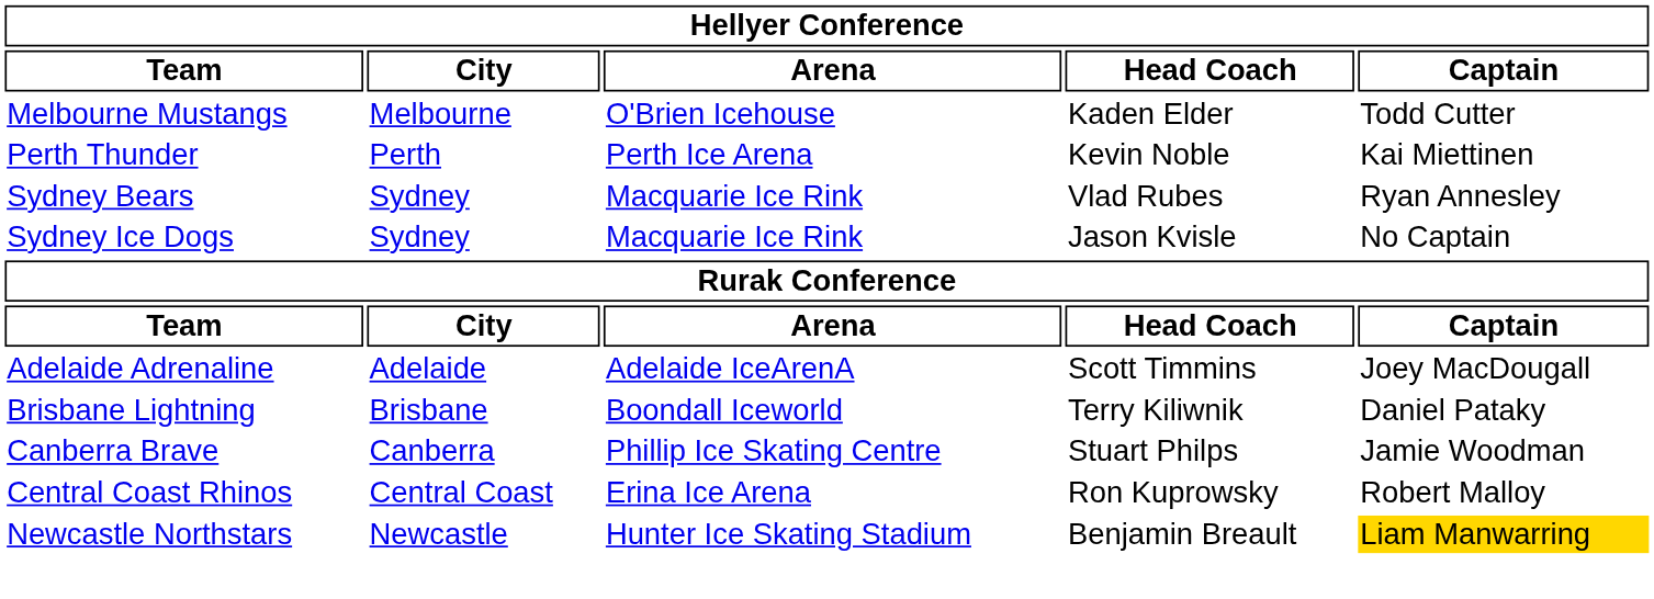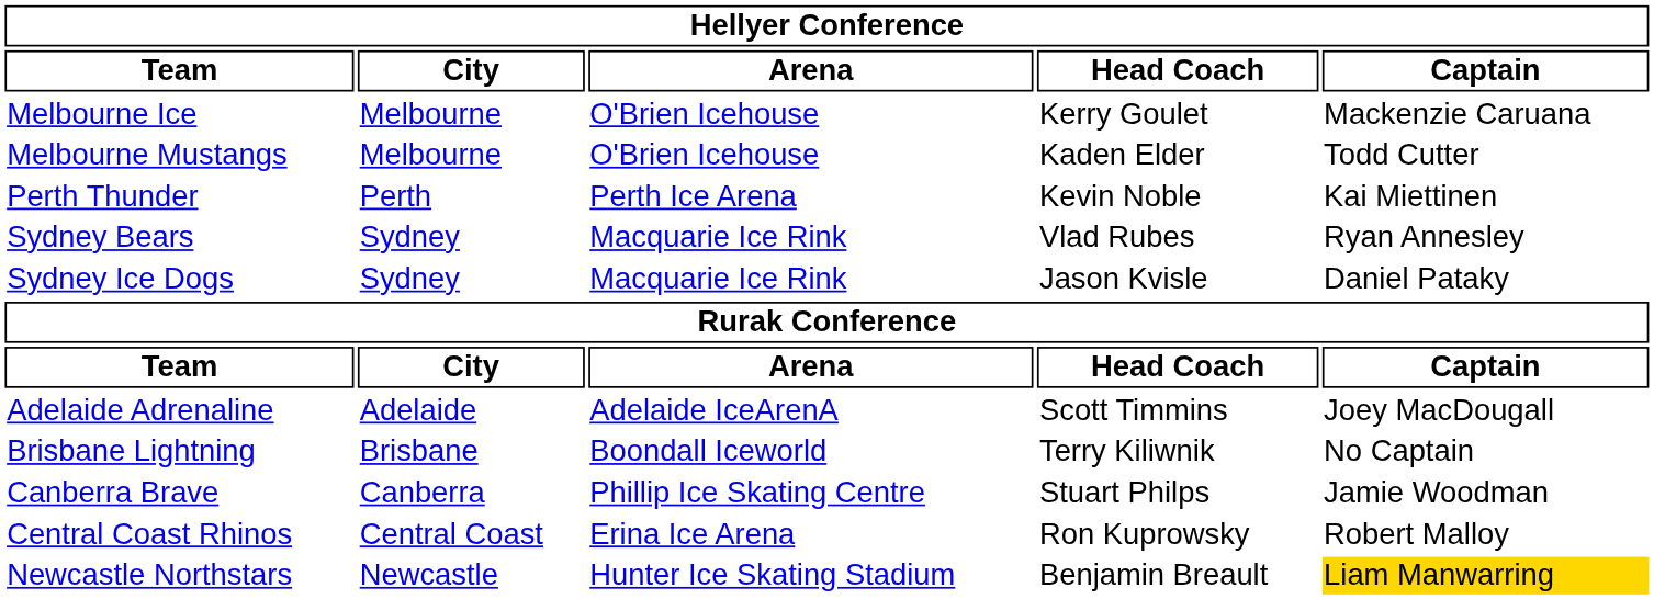 <table class="toccolours" style="width:55em">
 <tr>
 </tr>
 <tr>
 <th style="background:#FFFFFF;color:black;align:center;border:black 1px solid"colspan="5">Hellyer Conference</th>
 </tr>
 <tr>
 <th style="background:white;color:black;border:black 1px solid">Team</th>
 <th style="background:white;color:black;border:black 1px solid">City</th>
 <th style="background:white;color:black;border:black 1px solid">Arena</th>
 <th style="background:white;color:black;border:black 1px solid">Head Coach</th>
 <th style="background:white;color:black;border:black 1px solid">Captain</th>
+</tr>
+<tr>
+<td><a href='#'>Melbourne Ice</a></td>
+<td> <a href='#'>Melbourne</a></td>
+<td><a href='#'>O'Brien Icehouse</a></td>
+<td> Kerry Goulet</td>
+<td> Mackenzie Caruana</td>
 </tr>
 <tr>
 <td><a href='#'>Melbourne Mustangs</a></td>
 <td> <a href='#'>Melbourne</a></td>
 <td><a href='#'>O'Brien Icehouse</a></td>
 <td> Kaden Elder</td>
 <td> Todd Cutter</td>
 </tr>
 <tr>
 <td><a href='#'>Perth Thunder</a></td>
 <td> <a href='#'>Perth</a></td>
 <td><a href='#'>Perth Ice Arena</a></td>
 <td> Kevin Noble</td>
 <td> Kai Miettinen</td>
 </tr>
 <tr>
 <td><a href='#'>Sydney Bears</a></td>
 <td> <a href='#'>Sydney</a></td>
 <td><a href='#'>Macquarie Ice Rink</a></td>
 <td> Vlad Rubes</td>
 <td> Ryan Annesley</td>
 </tr>
 <tr>
 <td><a href='#'>Sydney Ice Dogs</a></td>
 <td> <a href='#'>Sydney</a></td>
 <td><a href='#'>Macquarie Ice Rink</a></td>
 <td> Jason Kvisle</td>
-<td>No Captain</td>
+<td> Daniel Pataky</td>
 </tr>
 <tr>
 <th style="background:#FFFFFF;color:black;align:center;border:black 1px solid"colspan="5">Rurak Conference</th>
 </tr>
 <tr>
 <th style="background:white;color:black;border:black 1px solid">Team</th>
 <th style="background:white;color:black;border:black 1px solid">City</th>
 <th style="background:white;color:black;border:black 1px solid">Arena</th>
 <th style="background:white;color:black;border:black 1px solid">Head Coach</th>
 <th style="background:white;color:black;border:black 1px solid">Captain</th>
 </tr>
 <tr>
 <td><a href='#'>Adelaide Adrenaline</a></td>
 <td> <a href='#'>Adelaide</a></td>
 <td><a href='#'>Adelaide IceArenA</a></td>
 <td> Scott Timmins</td>
 <td> Joey MacDougall</td>
 </tr>
 <tr>
 <td><a href='#'>Brisbane Lightning</a></td>
 <td> <a href='#'>Brisbane</a></td>
 <td><a href='#'>Boondall Iceworld</a></td>
 <td> Terry Kiliwnik</td>
-<td> Daniel Pataky</td>
+<td>No Captain</td>
 </tr>
 <tr>
 <td><a href='#'>Canberra Brave</a></td>
 <td> <a href='#'>Canberra</a></td>
 <td><a href='#'>Phillip Ice Skating Centre</a></td>
 <td> Stuart Philps</td>
 <td> Jamie Woodman</td>
 </tr>
 <tr>
 <td><a href='#'>Central Coast Rhinos</a></td>
 <td> <a href='#'>Central Coast</a></td>
 <td><a href='#'>Erina Ice Arena</a></td>
 <td> Ron Kuprowsky</td>
 <td> Robert Malloy</td>
 </tr>
 <tr>
 <td><a href='#'>Newcastle Northstars</a></td>
 <td> <a href='#'>Newcastle</a></td>
 <td><a href='#'>Hunter Ice Skating Stadium</a></td>
 <td> Benjamin Breault</td>
 <td style="background: gold;"> Liam Manwarring</td>
 </tr>
 <tr>
 </tr>
 </table>
